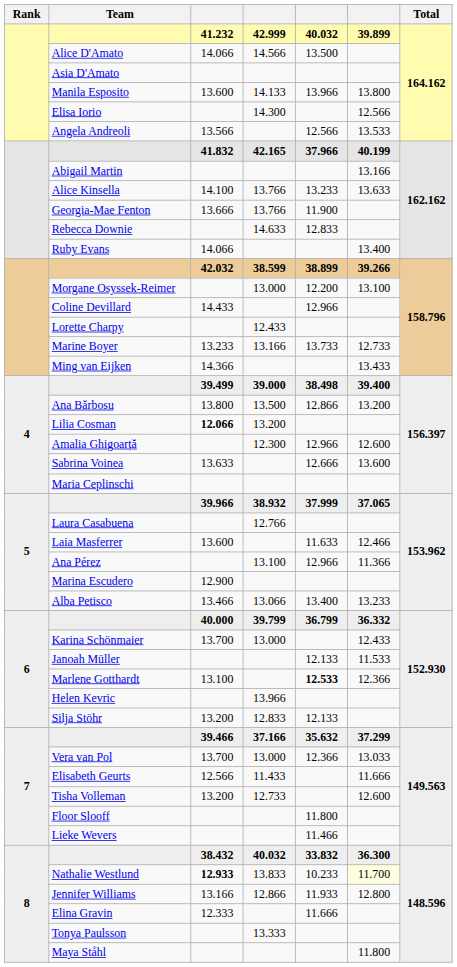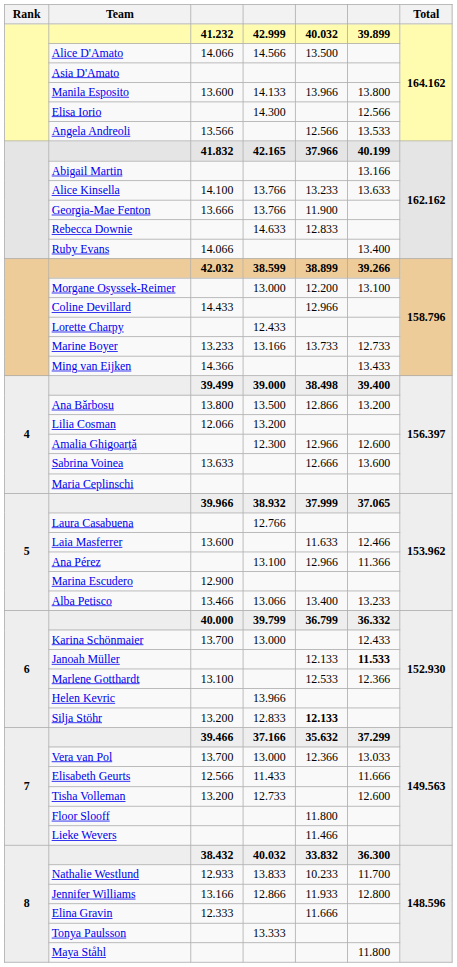 <table class="wikitable sortable" style="text-align:center; font-size:95%">
 <tr>
 <th scope="col" style="width:50px;">Rank</th>
 <th scope="col" style="width:175px;">Team</th>
 <th scope="col" style="width:60px;"></th>
 <th scope="col" style="width:60px;"></th>
 <th scope="col" style="width:60px;"></th>
 <th scope="col" style="width:60px;"></th>
 <th scope="col" style="width:60px;">Total</th>
 </tr>
 <tr style="background:#fffcaf;">
 <td rowspan="6"><strong></strong></td>
 <td align=left></td>
 <td><strong>41.232</strong></td>
 <td><strong>42.999</strong></td>
 <td><strong>40.032</strong></td>
 <td><strong>39.899</strong></td>
 <td rowspan="6"><strong>164.162</strong></td>
 </tr>
 <tr>
 <td align=left><a href='#'>Alice D'Amato</a></td>
 <td>14.066</td>
 <td>14.566</td>
 <td>13.500</td>
 <td></td>
 </tr>
 <tr>
 <td align=left><a href='#'>Asia D'Amato</a></td>
 <td></td>
 <td></td>
 <td></td>
 <td></td>
 </tr>
 <tr>
 <td align=left><a href='#'>Manila Esposito</a></td>
 <td>13.600</td>
 <td>14.133</td>
 <td>13.966</td>
 <td>13.800</td>
 </tr>
 <tr>
 <td align=left><a href='#'>Elisa Iorio</a></td>
 <td></td>
 <td>14.300</td>
 <td></td>
 <td>12.566</td>
 </tr>
 <tr>
 <td align=left><a href='#'>Angela Andreoli</a></td>
 <td>13.566</td>
 <td></td>
 <td>12.566</td>
 <td>13.533</td>
 </tr>
 <tr style="background:#e5e5e5;">
 <td rowspan="6"><strong></strong></td>
 <td align=left></td>
 <td><strong>41.832</strong></td>
 <td><strong>42.165</strong></td>
 <td><strong>37.966</strong></td>
 <td><strong>40.199</strong></td>
 <td rowspan="6"><strong>162.162</strong></td>
 </tr>
 <tr>
 <td align=left><a href='#'>Abigail Martin</a></td>
 <td></td>
 <td></td>
 <td></td>
 <td>13.166</td>
 </tr>
 <tr>
 <td align=left><a href='#'>Alice Kinsella</a></td>
 <td>14.100</td>
 <td>13.766</td>
 <td>13.233</td>
 <td>13.633</td>
 </tr>
 <tr>
 <td align=left><a href='#'>Georgia-Mae Fenton</a></td>
 <td>13.666</td>
 <td>13.766</td>
 <td>11.900</td>
 <td></td>
 </tr>
 <tr>
 <td align=left><a href='#'>Rebecca Downie</a></td>
 <td></td>
 <td>14.633</td>
 <td>12.833</td>
 <td></td>
 </tr>
 <tr>
 <td align=left><a href='#'>Ruby Evans</a></td>
 <td>14.066</td>
 <td></td>
 <td></td>
 <td>13.400</td>
 </tr>
 <tr style="background:#ec9;">
 <td rowspan="6"><strong></strong></td>
 <td align=left></td>
 <td><strong>42.032</strong></td>
 <td><strong>38.599</strong></td>
 <td><strong>38.899</strong></td>
 <td><strong>39.266</strong></td>
 <td rowspan="6"><strong>158.796</strong></td>
 </tr>
 <tr>
 <td align=left><a href='#'>Morgane Osyssek-Reimer</a></td>
 <td></td>
 <td>13.000</td>
 <td>12.200</td>
 <td>13.100</td>
 </tr>
 <tr>
 <td align=left><a href='#'>Coline Devillard</a></td>
 <td>14.433</td>
 <td></td>
 <td>12.966</td>
 <td></td>
 </tr>
 <tr>
 <td align=left><a href='#'>Lorette Charpy</a></td>
 <td></td>
 <td>12.433</td>
 <td></td>
 <td></td>
 </tr>
 <tr>
 <td align=left><a href='#'>Marine Boyer</a></td>
 <td>13.233</td>
 <td>13.166</td>
 <td>13.733</td>
 <td>12.733</td>
 </tr>
 <tr>
 <td align=left><a href='#'>Ming van Eijken</a></td>
 <td>14.366</td>
 <td></td>
 <td></td>
 <td>13.433</td>
 </tr>
 <tr style="background:#eee;">
 <td rowspan="6"><strong>4</strong></td>
 <td align=left></td>
 <td><strong>39.499</strong></td>
 <td><strong>39.000</strong></td>
 <td><strong>38.498</strong></td>
 <td><strong>39.400</strong></td>
 <td rowspan="6"><strong>156.397</strong></td>
 </tr>
 <tr>
 <td align=left><a href='#'>Ana Bărbosu</a></td>
 <td>13.800</td>
 <td>13.500</td>
 <td>12.866</td>
 <td>13.200</td>
 </tr>
 <tr>
 <td align=left><a href='#'>Lilia Cosman</a></td>
-<td><strong>12.066</strong></td>
+<td>12.066</td>
 <td>13.200</td>
 <td></td>
 <td></td>
 </tr>
 <tr>
 <td align=left><a href='#'>Amalia Ghigoarță</a></td>
 <td></td>
 <td>12.300</td>
 <td>12.966</td>
 <td>12.600</td>
 </tr>
 <tr>
 <td align=left><a href='#'>Sabrina Voinea</a></td>
 <td>13.633</td>
 <td></td>
 <td>12.666</td>
 <td>13.600</td>
 </tr>
 <tr>
 <td align=left><a href='#'>Maria Ceplinschi</a></td>
 <td></td>
 <td></td>
 <td></td>
 <td></td>
 </tr>
 <tr style="background:#eee;">
 <td rowspan="6"><strong>5</strong></td>
 <td align=left></td>
 <td><strong>39.966</strong></td>
 <td><strong>38.932</strong></td>
 <td><strong>37.999</strong></td>
 <td><strong>37.065</strong></td>
 <td rowspan="6"><strong>153.962</strong></td>
 </tr>
 <tr>
 <td align=left><a href='#'>Laura Casabuena</a></td>
 <td></td>
 <td>12.766</td>
 <td></td>
 <td></td>
 </tr>
 <tr>
 <td align=left><a href='#'>Laia Masferrer</a></td>
 <td>13.600</td>
 <td></td>
 <td>11.633</td>
 <td>12.466</td>
 </tr>
 <tr>
 <td align=left><a href='#'>Ana Pérez</a></td>
 <td></td>
 <td>13.100</td>
 <td>12.966</td>
 <td>11.366</td>
 </tr>
 <tr>
 <td align=left><a href='#'>Marina Escudero</a></td>
 <td>12.900</td>
 <td></td>
 <td></td>
 <td></td>
 </tr>
 <tr>
 <td align=left><a href='#'>Alba Petisco</a></td>
 <td>13.466</td>
 <td>13.066</td>
 <td>13.400</td>
 <td>13.233</td>
 </tr>
 <tr style="background:#eee;">
 <td rowspan="6"><strong>6</strong></td>
 <td align=left></td>
 <td><strong>40.000</strong></td>
 <td><strong>39.799</strong></td>
 <td><strong>36.799</strong></td>
 <td><strong>36.332</strong></td>
 <td rowspan="6"><strong>152.930</strong></td>
 </tr>
 <tr>
 <td align=left><a href='#'>Karina Schönmaier</a></td>
 <td>13.700</td>
 <td>13.000</td>
 <td></td>
 <td>12.433</td>
 </tr>
 <tr>
 <td align=left><a href='#'>Janoah Müller</a></td>
 <td></td>
 <td></td>
 <td>12.133</td>
-<td>11.533</td>
+<td><strong>11.533</strong></td>
 </tr>
 <tr>
 <td align=left><a href='#'>Marlene Gotthardt</a></td>
 <td>13.100</td>
 <td></td>
-<td><strong>12.533</strong></td>
+<td>12.533</td>
 <td>12.366</td>
 </tr>
 <tr>
 <td align=left><a href='#'>Helen Kevric</a></td>
 <td></td>
 <td>13.966</td>
 <td></td>
 <td></td>
 </tr>
 <tr>
 <td align=left><a href='#'>Silja Stöhr</a></td>
 <td>13.200</td>
 <td>12.833</td>
-<td>12.133</td>
+<td><strong>12.133</strong></td>
 <td></td>
 </tr>
 <tr style="background:#eee;">
 <td rowspan="6"><strong>7</strong></td>
 <td align=left></td>
 <td><strong>39.466</strong></td>
 <td><strong>37.166</strong></td>
 <td><strong>35.632</strong></td>
 <td><strong>37.299</strong></td>
 <td rowspan="6"><strong>149.563</strong></td>
 </tr>
 <tr>
 <td align=left><a href='#'>Vera van Pol</a></td>
 <td>13.700</td>
 <td>13.000</td>
 <td>12.366</td>
 <td>13.033</td>
 </tr>
 <tr>
 <td align=left><a href='#'>Elisabeth Geurts</a></td>
 <td>12.566</td>
 <td>11.433</td>
 <td></td>
 <td>11.666</td>
 </tr>
 <tr>
 <td align=left><a href='#'>Tisha Volleman</a></td>
 <td>13.200</td>
 <td>12.733</td>
 <td></td>
 <td>12.600</td>
 </tr>
 <tr>
 <td align=left><a href='#'>Floor Slooff</a></td>
 <td></td>
 <td></td>
 <td>11.800</td>
 <td></td>
 </tr>
 <tr>
 <td align=left><a href='#'>Lieke Wevers</a></td>
 <td></td>
 <td></td>
 <td>11.466</td>
 <td></td>
 </tr>
 <tr style="background:#eee;">
 <td rowspan="6"><strong>8</strong></td>
 <td align=left></td>
 <td><strong>38.432</strong></td>
 <td><strong>40.032</strong></td>
 <td><strong>33.832</strong></td>
 <td><strong>36.300</strong></td>
 <td rowspan="6"><strong>148.596</strong></td>
 </tr>
 <tr>
 <td align=left><a href='#'>Nathalie Westlund</a></td>
-<td><strong>12.933</strong></td>
+<td>12.933</td>
 <td>13.833</td>
 <td>10.233</td>
-<td style="background: lightyellow;">11.700</td>
+<td>11.700</td>
 </tr>
 <tr>
 <td align=left><a href='#'>Jennifer Williams</a></td>
 <td>13.166</td>
 <td>12.866</td>
 <td>11.933</td>
 <td>12.800</td>
 </tr>
 <tr>
 <td align=left><a href='#'>Elina Gravin</a></td>
 <td>12.333</td>
 <td></td>
 <td>11.666</td>
 <td></td>
 </tr>
 <tr>
 <td align=left><a href='#'>Tonya Paulsson</a></td>
 <td></td>
 <td>13.333</td>
 <td></td>
 <td></td>
 </tr>
 <tr>
 <td align=left><a href='#'>Maya Ståhl</a></td>
 <td></td>
 <td></td>
 <td></td>
 <td>11.800</td>
 </tr>
 </table>
